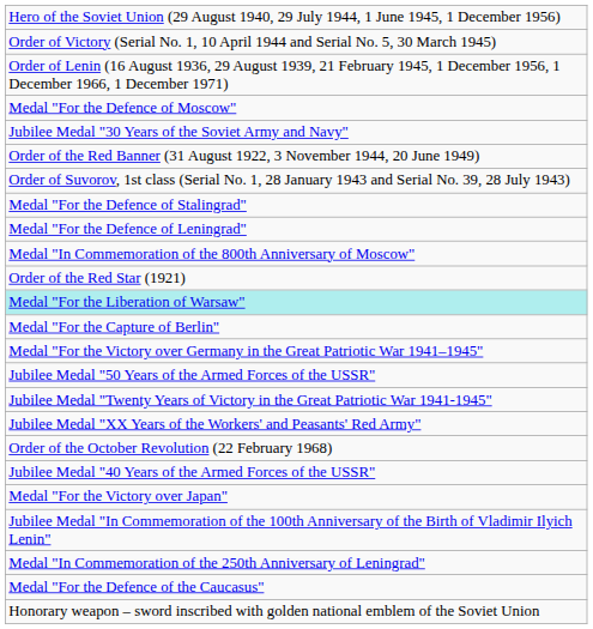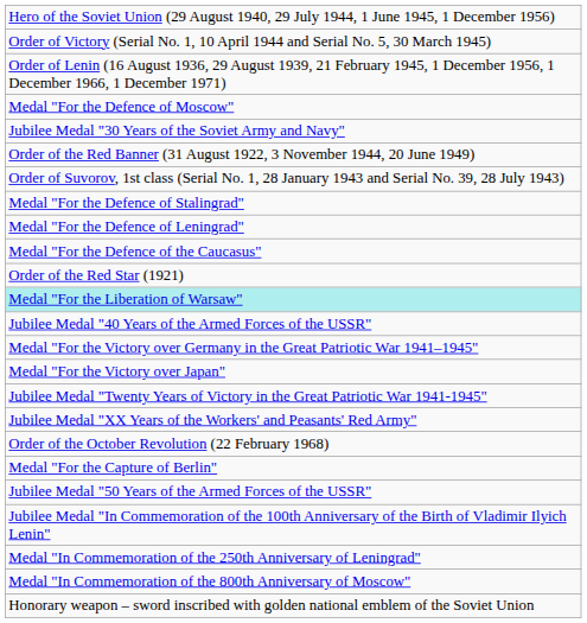 <table class="wikitable">
 <tr>
 <td><a href='#'>Hero of the Soviet Union</a> (29 August 1940, 29 July 1944, 1 June 1945, 1 December 1956)</td>
 </tr>
 <tr>
 <td><a href='#'>Order of Victory</a> (Serial No. 1, 10 April 1944 and Serial No. 5, 30 March 1945)</td>
 </tr>
 <tr>
 <td><a href='#'>Order of Lenin</a> (16 August 1936, 29 August 1939, 21 February 1945, 1 December 1956, 1 December 1966, 1 December 1971)</td>
 </tr>
 <tr>
 <td><a href='#'>Medal "For the Defence of Moscow"</a></td>
 </tr>
 <tr>
 <td><a href='#'>Jubilee Medal "30 Years of the Soviet Army and Navy"</a></td>
 </tr>
 <tr>
 <td><a href='#'>Order of the Red Banner</a> (31 August 1922, 3 November 1944, 20 June 1949)</td>
 </tr>
 <tr>
 <td><a href='#'>Order of Suvorov</a>, 1st class (Serial No. 1, 28 January 1943 and Serial No. 39, 28 July 1943)</td>
 </tr>
 <tr>
 <td><a href='#'>Medal "For the Defence of Stalingrad"</a></td>
 </tr>
 <tr>
 <td><a href='#'>Medal "For the Defence of Leningrad"</a></td>
 </tr>
 <tr>
-<td><a href='#'>Medal "In Commemoration of the 800th Anniversary of Moscow"</a></td>
+<td><a href='#'>Medal "For the Defence of the Caucasus"</a></td>
 </tr>
 <tr>
 <td><a href='#'>Order of the Red Star</a> (1921)</td>
 </tr>
 <tr>
 <td style="background: paleturquoise;"><a href='#'>Medal "For the Liberation of Warsaw"</a></td>
 </tr>
 <tr>
-<td><a href='#'>Medal "For the Capture of Berlin"</a></td>
+<td><a href='#'>Jubilee Medal "40 Years of the Armed Forces of the USSR"</a></td>
 </tr>
 <tr>
 <td><a href='#'>Medal "For the Victory over Germany in the Great Patriotic War 1941–1945"</a></td>
 </tr>
 <tr>
-<td><a href='#'>Jubilee Medal "50 Years of the Armed Forces of the USSR"</a></td>
+<td><a href='#'>Medal "For the Victory over Japan"</a></td>
 </tr>
 <tr>
 <td><a href='#'>Jubilee Medal "Twenty Years of Victory in the Great Patriotic War 1941-1945"</a></td>
 </tr>
 <tr>
 <td><a href='#'>Jubilee Medal "XX Years of the Workers' and Peasants' Red Army"</a></td>
 </tr>
 <tr>
 <td><a href='#'>Order of the October Revolution</a> (22 February 1968)</td>
 </tr>
 <tr>
-<td><a href='#'>Jubilee Medal "40 Years of the Armed Forces of the USSR"</a></td>
+<td><a href='#'>Medal "For the Capture of Berlin"</a></td>
 </tr>
 <tr>
-<td><a href='#'>Medal "For the Victory over Japan"</a></td>
+<td><a href='#'>Jubilee Medal "50 Years of the Armed Forces of the USSR"</a></td>
 </tr>
 <tr>
 <td><a href='#'>Jubilee Medal "In Commemoration of the 100th Anniversary of the Birth of Vladimir Ilyich Lenin"</a></td>
 </tr>
 <tr>
 <td><a href='#'>Medal "In Commemoration of the 250th Anniversary of Leningrad"</a></td>
 </tr>
 <tr>
-<td><a href='#'>Medal "For the Defence of the Caucasus"</a></td>
+<td><a href='#'>Medal "In Commemoration of the 800th Anniversary of Moscow"</a></td>
 </tr>
 <tr>
 <td>Honorary weapon – sword inscribed with golden national emblem of the Soviet Union</td>
 </tr>
 </table>
